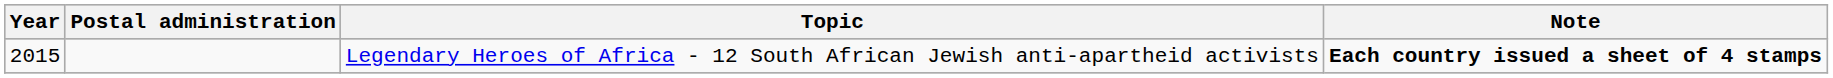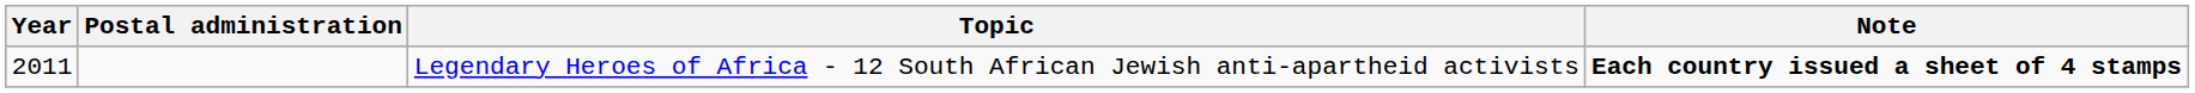 <table class="wikitable">
 <tr>
 <th>Year</th>
 <th>Postal administration</th>
 <th>Topic</th>
 <th>Note</th>
 </tr>
 <tr>
-<td>2015</td>
+<td>2011</td>
 <td>  <br>  </td>
 <td><a href='#'>Legendary Heroes of Africa</a> - 12 South African Jewish anti-apartheid activists</td>
 <td><strong>Each country issued a sheet of 4 stamps</strong></td>
 </tr>
 </table>
